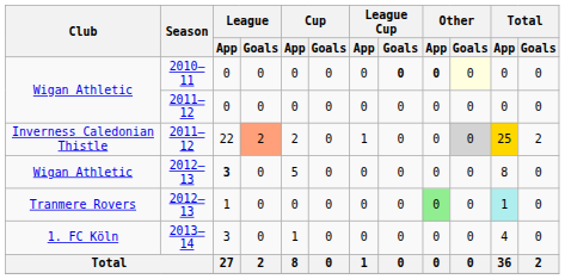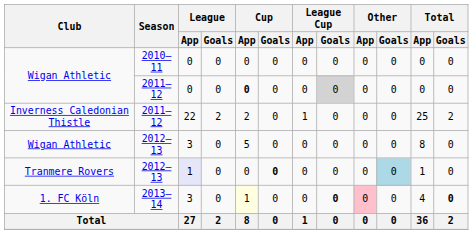 <table class="wikitable">
 <tr>
 <th rowspan=2>Club</th>
 <th rowspan=2>Season</th>
 <th colspan=2>League</th>
 <th colspan=2>Cup</th>
 <th colspan=2>League Cup</th>
 <th colspan=2>Other</th>
 <th colspan=2>Total</th>
 </tr>
 <tr>
 <th>App</th>
 <th>Goals</th>
 <th>App</th>
 <th>Goals</th>
 <th>App</th>
 <th>Goals</th>
 <th>App</th>
 <th>Goals</th>
 <th>App</th>
 <th>Goals</th>
 </tr>
 <tr align=center>
 <td rowspan=2><a href='#'>Wigan Athletic</a></td>
 <td><a href='#'>2010–11</a></td>
 <td>0</td>
 <td>0</td>
 <td>0</td>
 <td>0</td>
 <td>0</td>
-<td><strong>0</strong></td>
-<td><strong>0</strong></td>
-<td style="background: lightyellow;">0</td>
+<td>0</td>
+<td>0</td>
+<td>0</td>
 <td>0</td>
 <td>0</td>
 </tr>
 <tr align=center>
 <td><a href='#'>2011–12</a></td>
 <td>0</td>
 <td>0</td>
+<td><strong>0</strong></td>
 <td>0</td>
 <td>0</td>
-<td>0</td>
-<td>0</td>
+<td style="background: lightgrey;">0</td>
 <td>0</td>
 <td>0</td>
 <td>0</td>
 <td>0</td>
 </tr>
 <tr align=center>
 <td rowspan=1><a href='#'>Inverness Caledonian Thistle</a></td>
 <td><a href='#'>2011–12</a></td>
 <td>22</td>
-<td style="background: lightsalmon;">2</td>
+<td>2</td>
 <td>2</td>
 <td>0</td>
 <td>1</td>
 <td>0</td>
 <td>0</td>
-<td style="background: lightgrey;">0</td>
-<td style="background: gold;">25</td>
+<td>0</td>
+<td>25</td>
 <td>2</td>
 </tr>
 <tr align=center>
 <td rowspan=1><a href='#'>Wigan Athletic</a></td>
 <td><a href='#'>2012–13</a></td>
-<td><strong>3</strong></td>
+<td>3</td>
 <td>0</td>
 <td>5</td>
 <td>0</td>
 <td>0</td>
 <td>0</td>
 <td>0</td>
 <td>0</td>
 <td>8</td>
 <td>0</td>
 </tr>
 <tr align=center>
 <td rowspan=1><a href='#'>Tranmere Rovers</a></td>
 <td><a href='#'>2012–13</a></td>
-<td>1</td>
+<td style="background: lavender;">1</td>
+<td>0</td>
+<td>0</td>
+<td><strong>0</strong></td>
 <td>0</td>
 <td>0</td>
 <td>0</td>
-<td>0</td>
-<td>0</td>
-<td style="background: lightgreen;">0</td>
-<td>0</td>
-<td style="background: paleturquoise;">1</td>
+<td style="background: lightblue;">0</td>
+<td>1</td>
 <td>0</td>
 </tr>
 <tr align=center>
 <td rowspan=1><a href='#'>1. FC Köln</a></td>
 <td><a href='#'>2013–14</a></td>
 <td>3</td>
 <td>0</td>
-<td>1</td>
+<td style="background: lightyellow;">1</td>
 <td>0</td>
 <td>0</td>
-<td>0</td>
-<td>0</td>
+<td><strong>0</strong></td>
+<td style="background: pink;">0</td>
 <td>0</td>
 <td>4</td>
-<td>0</td>
+<td><strong>0</strong></td>
 </tr>
 <tr align=center>
 <th colspan="2">Total</th>
 <th>27</th>
 <th>2</th>
 <th>8</th>
 <th>0</th>
 <th>1</th>
 <th>0</th>
 <th>0</th>
 <th>0</th>
 <th>36</th>
 <th>2</th>
 </tr>
 <tr>
 </tr>
 </table>
